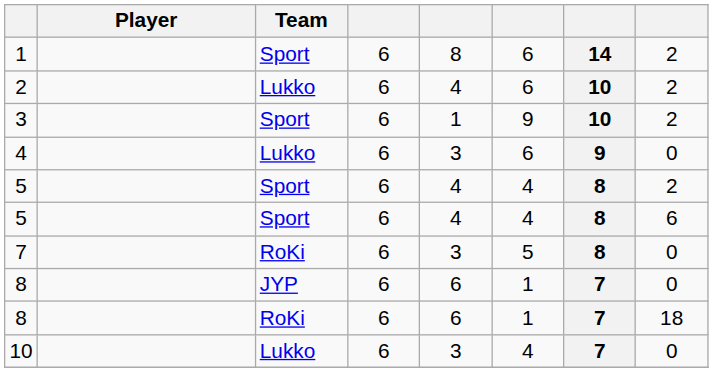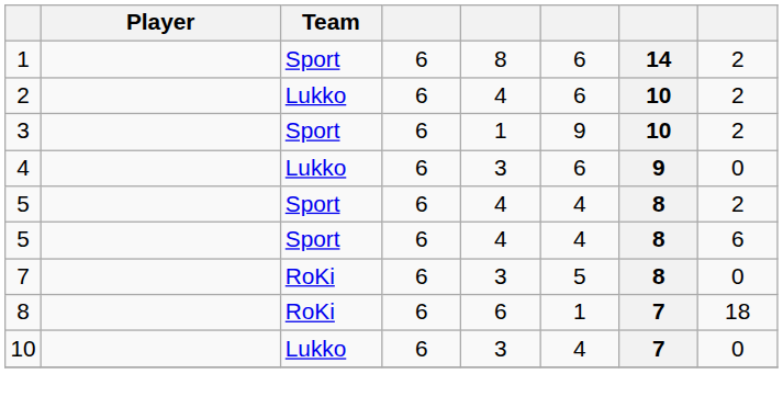 <table class="wikitable sortable" style="text-align: center">
 <tr>
 <th></th>
 <th style="width: 10em;">Player</th>
 <th style="width: 4em;">Team</th>
 <th style="width: 3em;"></th>
 <th style="width: 3em;"></th>
 <th style="width: 3em;"></th>
 <th style="width: 3em;"></th>
 <th style="width: 3em;"></th>
 </tr>
 <tr>
 <td>1</td>
 <td style="text-align:left;"></td>
 <td style="text-align:left;"><a href='#'>Sport</a></td>
 <td>6</td>
 <td>8</td>
 <td>6</td>
 <th>14</th>
 <td>2</td>
 </tr>
 <tr>
 <td>2</td>
 <td style="text-align:left;"></td>
 <td style="text-align:left;"><a href='#'>Lukko</a></td>
 <td>6</td>
 <td>4</td>
 <td>6</td>
 <th>10</th>
 <td>2</td>
 </tr>
 <tr>
 <td>3</td>
 <td style="text-align:left;"></td>
 <td style="text-align:left;"><a href='#'>Sport</a></td>
 <td>6</td>
 <td>1</td>
 <td>9</td>
 <th>10</th>
 <td>2</td>
 </tr>
 <tr>
 <td>4</td>
 <td style="text-align:left;"></td>
 <td style="text-align:left;"><a href='#'>Lukko</a></td>
 <td>6</td>
 <td>3</td>
 <td>6</td>
 <th>9</th>
 <td>0</td>
 </tr>
 <tr>
 <td>5</td>
 <td style="text-align:left;"></td>
 <td style="text-align:left;"><a href='#'>Sport</a></td>
 <td>6</td>
 <td>4</td>
 <td>4</td>
 <th>8</th>
 <td>2</td>
 </tr>
 <tr>
 <td>5</td>
 <td style="text-align:left;"></td>
 <td style="text-align:left;"><a href='#'>Sport</a></td>
 <td>6</td>
 <td>4</td>
 <td>4</td>
 <th>8</th>
 <td>6</td>
 </tr>
 <tr>
 <td>7</td>
 <td style="text-align:left;"></td>
 <td style="text-align:left;"><a href='#'>RoKi</a></td>
 <td>6</td>
 <td>3</td>
 <td>5</td>
 <th>8</th>
 <td>0</td>
 </tr>
 <tr>
 <td>8</td>
 <td style="text-align:left;"></td>
-<td style="text-align:left;"><a href='#'>JYP</a></td>
-<td>6</td>
-<td>6</td>
-<td>1</td>
-<th>7</th>
-<td>0</td>
-</tr>
-<tr>
-<td>8</td>
-<td style="text-align:left;"></td>
 <td style="text-align:left;"><a href='#'>RoKi</a></td>
 <td>6</td>
 <td>6</td>
 <td>1</td>
 <th>7</th>
 <td>18</td>
 </tr>
 <tr>
 <td>10</td>
 <td style="text-align:left;"></td>
 <td style="text-align:left;"><a href='#'>Lukko</a></td>
 <td>6</td>
 <td>3</td>
 <td>4</td>
 <th>7</th>
 <td>0</td>
 </tr>
 <tr>
 </tr>
 </table>
